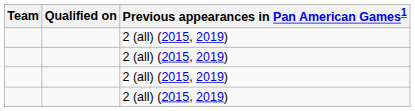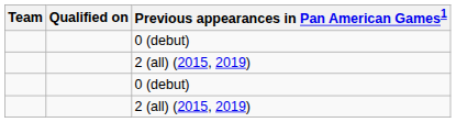 <table class="wikitable sortable">
 <tr>
 <th>Team</th>
 <th>Qualified on</th>
 <th data-sort-type="number">Previous appearances in <a href='#'>Pan American Games</a><sup><a href='#'>1</a></sup></th>
 </tr>
 <tr>
 <td></td>
 <td></td>
-<td>2 (all) (<a href='#'>2015</a>, <a href='#'>2019</a>)</td>
+<td>0 (debut)</td>
 </tr>
 <tr>
 <td></td>
 <td></td>
 <td>2 (all) (<a href='#'>2015</a>, <a href='#'>2019</a>)</td>
 </tr>
 <tr>
 <td></td>
 <td></td>
-<td>2 (all) (<a href='#'>2015</a>, <a href='#'>2019</a>)</td>
+<td>0 (debut)</td>
 </tr>
 <tr>
 <td></td>
 <td></td>
 <td>2 (all) (<a href='#'>2015</a>, <a href='#'>2019</a>)</td>
 </tr>
 </table>
